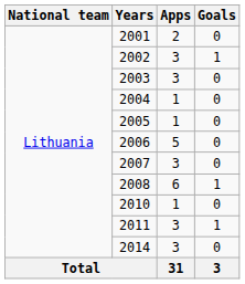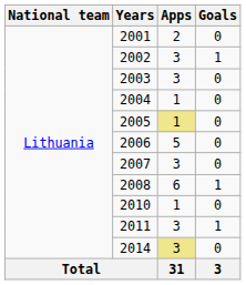 <table class="wikitable" style="text-align:center;">
 <tr>
 <th>National team</th>
 <th>Years</th>
 <th>Apps</th>
 <th>Goals</th>
 </tr>
 <tr>
 <td rowspan=11><a href='#'>Lithuania</a></td>
 <td>2001</td>
 <td>2</td>
 <td>0</td>
 </tr>
 <tr>
 <td>2002</td>
 <td>3</td>
 <td>1</td>
 </tr>
 <tr>
 <td>2003</td>
 <td>3</td>
 <td>0</td>
 </tr>
 <tr>
 <td>2004</td>
 <td>1</td>
 <td>0</td>
 </tr>
 <tr>
 <td>2005</td>
-<td>1</td>
+<td style="background: khaki;">1</td>
 <td>0</td>
 </tr>
 <tr>
 <td>2006</td>
 <td>5</td>
 <td>0</td>
 </tr>
 <tr>
 <td>2007</td>
 <td>3</td>
 <td>0</td>
 </tr>
 <tr>
 <td>2008</td>
 <td>6</td>
 <td>1</td>
 </tr>
 <tr>
 <td>2010</td>
 <td>1</td>
 <td>0</td>
 </tr>
 <tr>
 <td>2011</td>
 <td>3</td>
 <td>1</td>
 </tr>
 <tr>
 <td>2014</td>
-<td>3</td>
+<td style="background: khaki;">3</td>
 <td>0</td>
 </tr>
 <tr>
 <th colspan=2>Total</th>
 <th>31</th>
 <th>3</th>
 </tr>
 </table>
